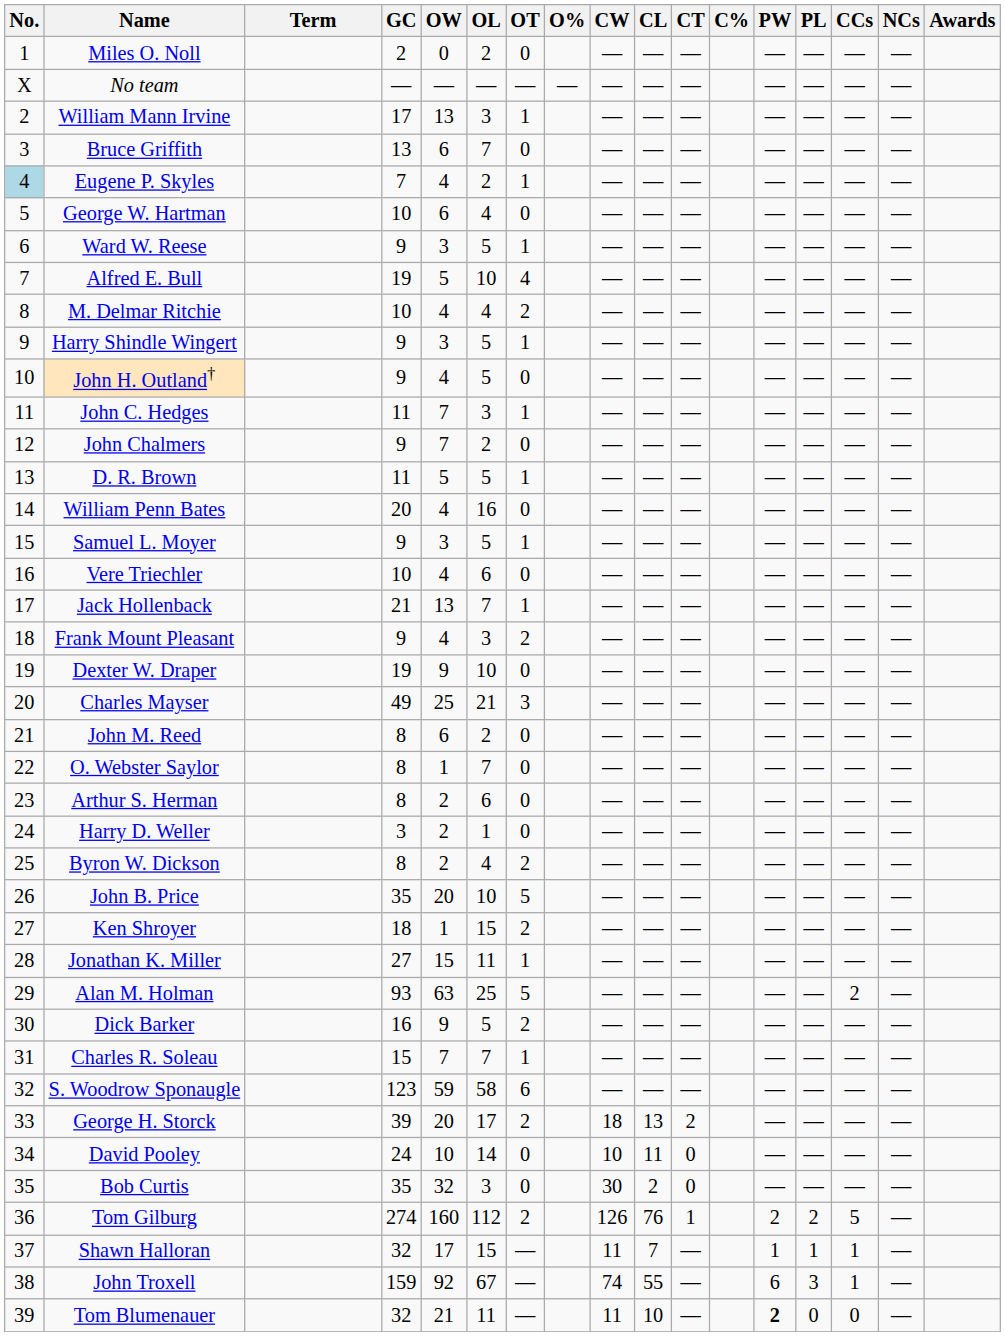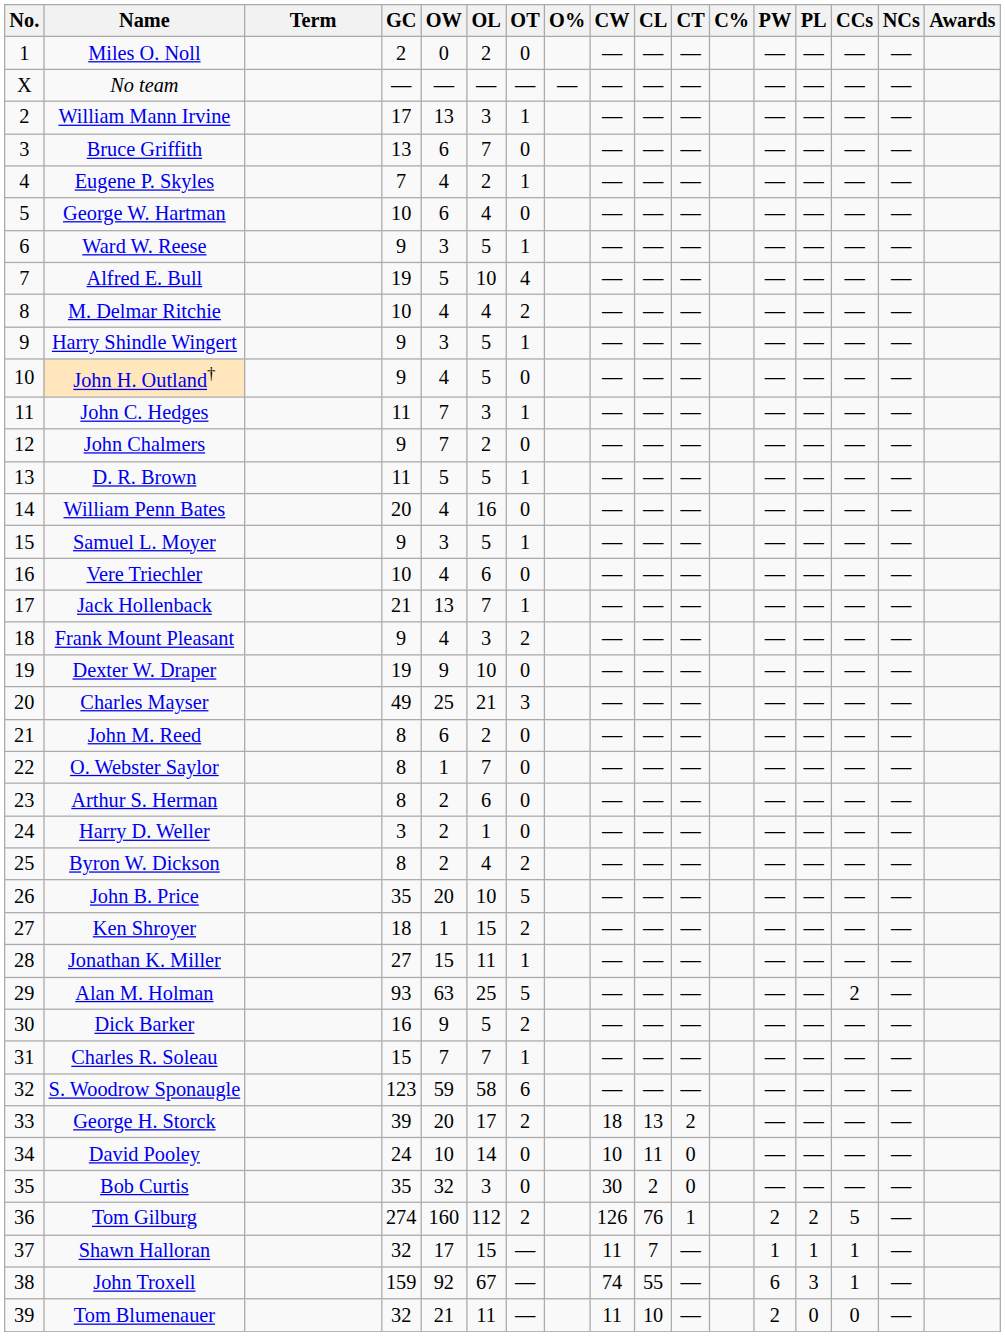 <table class="wikitable sortable" style="text-align:center">
 <tr>
 <th>No.</th>
 <th>Name</th>
 <th width="100" align="center">Term</th>
 <th>GC</th>
 <th>OW</th>
 <th>OL</th>
 <th>OT</th>
 <th>O%</th>
 <th>CW</th>
 <th>CL</th>
 <th>CT</th>
 <th>C%</th>
 <th>PW</th>
 <th>PL</th>
 <th>CCs</th>
 <th>NCs</th>
 <th class="unsortable">Awards</th>
 </tr>
 <tr>
 <td>1</td>
 <td><a href='#'>Miles O. Noll</a></td>
 <td></td>
 <td>2</td>
 <td>0</td>
 <td>2</td>
 <td>0</td>
 <td></td>
 <td>—</td>
 <td>—</td>
 <td>—</td>
 <td></td>
 <td>—</td>
 <td>—</td>
 <td>—</td>
 <td>—</td>
 <td></td>
 </tr>
 <tr>
 <td>X</td>
 <td><em>No team</em></td>
 <td></td>
 <td>—</td>
 <td>—</td>
 <td>—</td>
 <td>—</td>
 <td>—</td>
 <td>—</td>
 <td>—</td>
 <td>—</td>
 <td></td>
 <td>—</td>
 <td>—</td>
 <td>—</td>
 <td>—</td>
 <td></td>
 </tr>
 <tr>
 <td>2</td>
 <td><a href='#'>William Mann Irvine</a></td>
 <td></td>
 <td>17</td>
 <td>13</td>
 <td>3</td>
 <td>1</td>
 <td></td>
 <td>—</td>
 <td>—</td>
 <td>—</td>
 <td></td>
 <td>—</td>
 <td>—</td>
 <td>—</td>
 <td>—</td>
 <td></td>
 </tr>
 <tr |->
 <td>3</td>
 <td><a href='#'>Bruce Griffith</a></td>
 <td></td>
 <td>13</td>
 <td>6</td>
 <td>7</td>
 <td>0</td>
 <td></td>
 <td>—</td>
 <td>—</td>
 <td>—</td>
 <td></td>
 <td>—</td>
 <td>—</td>
 <td>—</td>
 <td>—</td>
 <td></td>
 </tr>
 <tr>
-<td style="background: lightblue;">4</td>
+<td>4</td>
 <td><a href='#'>Eugene P. Skyles</a></td>
 <td></td>
 <td>7</td>
 <td>4</td>
 <td>2</td>
 <td>1</td>
 <td></td>
 <td>—</td>
 <td>—</td>
 <td>—</td>
 <td></td>
 <td>—</td>
 <td>—</td>
 <td>—</td>
 <td>—</td>
 <td></td>
 </tr>
 <tr>
 <td>5</td>
 <td><a href='#'>George W. Hartman</a></td>
 <td></td>
 <td>10</td>
 <td>6</td>
 <td>4</td>
 <td>0</td>
 <td></td>
 <td>—</td>
 <td>—</td>
 <td>—</td>
 <td></td>
 <td>—</td>
 <td>—</td>
 <td>—</td>
 <td>—</td>
 <td></td>
 </tr>
 <tr>
 <td>6</td>
 <td><a href='#'>Ward W. Reese</a></td>
 <td></td>
 <td>9</td>
 <td>3</td>
 <td>5</td>
 <td>1</td>
 <td></td>
 <td>—</td>
 <td>—</td>
 <td>—</td>
 <td></td>
 <td>—</td>
 <td>—</td>
 <td>—</td>
 <td>—</td>
 <td></td>
 </tr>
 <tr>
 <td>7</td>
 <td><a href='#'>Alfred E. Bull</a></td>
 <td></td>
 <td>19</td>
 <td>5</td>
 <td>10</td>
 <td>4</td>
 <td></td>
 <td>—</td>
 <td>—</td>
 <td>—</td>
 <td></td>
 <td>—</td>
 <td>—</td>
 <td>—</td>
 <td>—</td>
 <td></td>
 </tr>
 <tr>
 <td>8</td>
 <td><a href='#'>M. Delmar Ritchie</a></td>
 <td></td>
 <td>10</td>
 <td>4</td>
 <td>4</td>
 <td>2</td>
 <td></td>
 <td>—</td>
 <td>—</td>
 <td>—</td>
 <td></td>
 <td>—</td>
 <td>—</td>
 <td>—</td>
 <td>—</td>
 <td></td>
 </tr>
 <tr>
 <td>9</td>
 <td><a href='#'>Harry Shindle Wingert</a></td>
 <td></td>
 <td>9</td>
 <td>3</td>
 <td>5</td>
 <td>1</td>
 <td></td>
 <td>—</td>
 <td>—</td>
 <td>—</td>
 <td></td>
 <td>—</td>
 <td>—</td>
 <td>—</td>
 <td>—</td>
 <td></td>
 </tr>
 <tr>
 <td>10</td>
 <td bgcolor=#FFE6BD><a href='#'>John H. Outland</a><sup>†</sup></td>
 <td></td>
 <td>9</td>
 <td>4</td>
 <td>5</td>
 <td>0</td>
 <td></td>
 <td>—</td>
 <td>—</td>
 <td>—</td>
 <td></td>
 <td>—</td>
 <td>—</td>
 <td>—</td>
 <td>—</td>
 <td></td>
 </tr>
 <tr>
 <td>11</td>
 <td><a href='#'>John C. Hedges</a></td>
 <td></td>
 <td>11</td>
 <td>7</td>
 <td>3</td>
 <td>1</td>
 <td></td>
 <td>—</td>
 <td>—</td>
 <td>—</td>
 <td></td>
 <td>—</td>
 <td>—</td>
 <td>—</td>
 <td>—</td>
 <td></td>
 </tr>
 <tr>
 <td>12</td>
 <td><a href='#'>John Chalmers</a></td>
 <td></td>
 <td>9</td>
 <td>7</td>
 <td>2</td>
 <td>0</td>
 <td></td>
 <td>—</td>
 <td>—</td>
 <td>—</td>
 <td></td>
 <td>—</td>
 <td>—</td>
 <td>—</td>
 <td>—</td>
 <td></td>
 </tr>
 <tr>
 <td>13</td>
 <td><a href='#'>D. R. Brown</a></td>
 <td></td>
 <td>11</td>
 <td>5</td>
 <td>5</td>
 <td>1</td>
 <td></td>
 <td>—</td>
 <td>—</td>
 <td>—</td>
 <td></td>
 <td>—</td>
 <td>—</td>
 <td>—</td>
 <td>—</td>
 <td></td>
 </tr>
 <tr>
 <td>14</td>
 <td><a href='#'>William Penn Bates</a></td>
 <td></td>
 <td>20</td>
 <td>4</td>
 <td>16</td>
 <td>0</td>
 <td></td>
 <td>—</td>
 <td>—</td>
 <td>—</td>
 <td></td>
 <td>—</td>
 <td>—</td>
 <td>—</td>
 <td>—</td>
 <td></td>
 </tr>
 <tr>
 <td>15</td>
 <td><a href='#'>Samuel L. Moyer</a></td>
 <td></td>
 <td>9</td>
 <td>3</td>
 <td>5</td>
 <td>1</td>
 <td></td>
 <td>—</td>
 <td>—</td>
 <td>—</td>
 <td></td>
 <td>—</td>
 <td>—</td>
 <td>—</td>
 <td>—</td>
 <td></td>
 </tr>
 <tr>
 <td>16</td>
 <td><a href='#'>Vere Triechler</a></td>
 <td></td>
 <td>10</td>
 <td>4</td>
 <td>6</td>
 <td>0</td>
 <td></td>
 <td>—</td>
 <td>—</td>
 <td>—</td>
 <td></td>
 <td>—</td>
 <td>—</td>
 <td>—</td>
 <td>—</td>
 <td></td>
 </tr>
 <tr>
 <td>17</td>
 <td><a href='#'>Jack Hollenback</a></td>
 <td></td>
 <td>21</td>
 <td>13</td>
 <td>7</td>
 <td>1</td>
 <td></td>
 <td>—</td>
 <td>—</td>
 <td>—</td>
 <td></td>
 <td>—</td>
 <td>—</td>
 <td>—</td>
 <td>—</td>
 <td></td>
 </tr>
 <tr>
 <td>18</td>
 <td><a href='#'>Frank Mount Pleasant</a></td>
 <td></td>
 <td>9</td>
 <td>4</td>
 <td>3</td>
 <td>2</td>
 <td></td>
 <td>—</td>
 <td>—</td>
 <td>—</td>
 <td></td>
 <td>—</td>
 <td>—</td>
 <td>—</td>
 <td>—</td>
 <td></td>
 </tr>
 <tr>
 <td>19</td>
 <td><a href='#'>Dexter W. Draper</a></td>
 <td></td>
 <td>19</td>
 <td>9</td>
 <td>10</td>
 <td>0</td>
 <td></td>
 <td>—</td>
 <td>—</td>
 <td>—</td>
 <td></td>
 <td>—</td>
 <td>—</td>
 <td>—</td>
 <td>—</td>
 <td></td>
 </tr>
 <tr>
 <td>20</td>
 <td><a href='#'>Charles Mayser</a></td>
 <td></td>
 <td>49</td>
 <td>25</td>
 <td>21</td>
 <td>3</td>
 <td></td>
 <td>—</td>
 <td>—</td>
 <td>—</td>
 <td></td>
 <td>—</td>
 <td>—</td>
 <td>—</td>
 <td>—</td>
 <td></td>
 </tr>
 <tr>
 <td>21</td>
 <td><a href='#'>John M. Reed</a></td>
 <td></td>
 <td>8</td>
 <td>6</td>
 <td>2</td>
 <td>0</td>
 <td></td>
 <td>—</td>
 <td>—</td>
 <td>—</td>
 <td></td>
 <td>—</td>
 <td>—</td>
 <td>—</td>
 <td>—</td>
 <td></td>
 </tr>
 <tr>
 <td>22</td>
 <td><a href='#'>O. Webster Saylor</a></td>
 <td></td>
 <td>8</td>
 <td>1</td>
 <td>7</td>
 <td>0</td>
 <td></td>
 <td>—</td>
 <td>—</td>
 <td>—</td>
 <td></td>
 <td>—</td>
 <td>—</td>
 <td>—</td>
 <td>—</td>
 <td></td>
 </tr>
 <tr>
 <td>23</td>
 <td><a href='#'>Arthur S. Herman</a></td>
 <td></td>
 <td>8</td>
 <td>2</td>
 <td>6</td>
 <td>0</td>
 <td></td>
 <td>—</td>
 <td>—</td>
 <td>—</td>
 <td></td>
 <td>—</td>
 <td>—</td>
 <td>—</td>
 <td>—</td>
 <td></td>
 </tr>
 <tr>
 <td>24</td>
 <td><a href='#'>Harry D. Weller</a></td>
 <td></td>
 <td>3</td>
 <td>2</td>
 <td>1</td>
 <td>0</td>
 <td></td>
 <td>—</td>
 <td>—</td>
 <td>—</td>
 <td></td>
 <td>—</td>
 <td>—</td>
 <td>—</td>
 <td>—</td>
 <td></td>
 </tr>
 <tr>
 <td>25</td>
 <td><a href='#'>Byron W. Dickson</a></td>
 <td></td>
 <td>8</td>
 <td>2</td>
 <td>4</td>
 <td>2</td>
 <td></td>
 <td>—</td>
 <td>—</td>
 <td>—</td>
 <td></td>
 <td>—</td>
 <td>—</td>
 <td>—</td>
 <td>—</td>
 <td></td>
 </tr>
 <tr>
 <td>26</td>
 <td><a href='#'>John B. Price</a></td>
 <td></td>
 <td>35</td>
 <td>20</td>
 <td>10</td>
 <td>5</td>
 <td></td>
 <td>—</td>
 <td>—</td>
 <td>—</td>
 <td></td>
 <td>—</td>
 <td>—</td>
 <td>—</td>
 <td>—</td>
 <td></td>
 </tr>
 <tr>
 <td>27</td>
 <td><a href='#'>Ken Shroyer</a></td>
 <td></td>
 <td>18</td>
 <td>1</td>
 <td>15</td>
 <td>2</td>
 <td></td>
 <td>—</td>
 <td>—</td>
 <td>—</td>
 <td></td>
 <td>—</td>
 <td>—</td>
 <td>—</td>
 <td>—</td>
 <td></td>
 </tr>
 <tr>
 <td>28</td>
 <td><a href='#'>Jonathan K. Miller</a></td>
 <td></td>
 <td>27</td>
 <td>15</td>
 <td>11</td>
 <td>1</td>
 <td></td>
 <td>—</td>
 <td>—</td>
 <td>—</td>
 <td></td>
 <td>—</td>
 <td>—</td>
 <td>—</td>
 <td>—</td>
 <td></td>
 </tr>
 <tr>
 <td>29</td>
 <td><a href='#'>Alan M. Holman</a></td>
 <td></td>
 <td>93</td>
 <td>63</td>
 <td>25</td>
 <td>5</td>
 <td></td>
 <td>—</td>
 <td>—</td>
 <td>—</td>
 <td></td>
 <td>—</td>
 <td>—</td>
 <td>2</td>
 <td>—</td>
 <td></td>
 </tr>
 <tr>
 <td>30</td>
 <td><a href='#'>Dick Barker</a></td>
 <td></td>
 <td>16</td>
 <td>9</td>
 <td>5</td>
 <td>2</td>
 <td></td>
 <td>—</td>
 <td>—</td>
 <td>—</td>
 <td></td>
 <td>—</td>
 <td>—</td>
 <td>—</td>
 <td>—</td>
 <td></td>
 </tr>
 <tr>
 <td>31</td>
 <td><a href='#'>Charles R. Soleau</a></td>
 <td></td>
 <td>15</td>
 <td>7</td>
 <td>7</td>
 <td>1</td>
 <td></td>
 <td>—</td>
 <td>—</td>
 <td>—</td>
 <td></td>
 <td>—</td>
 <td>—</td>
 <td>—</td>
 <td>—</td>
 <td></td>
 </tr>
 <tr>
 <td>32</td>
 <td><a href='#'>S. Woodrow Sponaugle</a></td>
 <td></td>
 <td>123</td>
 <td>59</td>
 <td>58</td>
 <td>6</td>
 <td></td>
 <td>—</td>
 <td>—</td>
 <td>—</td>
 <td></td>
 <td>—</td>
 <td>—</td>
 <td>—</td>
 <td>—</td>
 <td></td>
 </tr>
 <tr>
 <td>33</td>
 <td><a href='#'>George H. Storck</a></td>
 <td></td>
 <td>39</td>
 <td>20</td>
 <td>17</td>
 <td>2</td>
 <td></td>
 <td>18</td>
 <td>13</td>
 <td>2</td>
 <td></td>
 <td>—</td>
 <td>—</td>
 <td>—</td>
 <td>—</td>
 <td></td>
 </tr>
 <tr>
 <td>34</td>
 <td><a href='#'>David Pooley</a></td>
 <td></td>
 <td>24</td>
 <td>10</td>
 <td>14</td>
 <td>0</td>
 <td></td>
 <td>10</td>
 <td>11</td>
 <td>0</td>
 <td></td>
 <td>—</td>
 <td>—</td>
 <td>—</td>
 <td>—</td>
 <td></td>
 </tr>
 <tr>
 <td>35</td>
 <td><a href='#'>Bob Curtis</a></td>
 <td></td>
 <td>35</td>
 <td>32</td>
 <td>3</td>
 <td>0</td>
 <td></td>
 <td>30</td>
 <td>2</td>
 <td>0</td>
 <td></td>
 <td>—</td>
 <td>—</td>
 <td>—</td>
 <td>—</td>
 <td></td>
 </tr>
 <tr>
 <td>36</td>
 <td><a href='#'>Tom Gilburg</a></td>
 <td></td>
 <td>274</td>
 <td>160</td>
 <td>112</td>
 <td>2</td>
 <td></td>
 <td>126</td>
 <td>76</td>
 <td>1</td>
 <td></td>
 <td>2</td>
 <td>2</td>
 <td>5</td>
 <td>—</td>
 <td></td>
 </tr>
 <tr>
 <td>37</td>
 <td><a href='#'>Shawn Halloran</a></td>
 <td></td>
 <td>32</td>
 <td>17</td>
 <td>15</td>
 <td>—</td>
 <td></td>
 <td>11</td>
 <td>7</td>
 <td>—</td>
 <td></td>
 <td>1</td>
 <td>1</td>
 <td>1</td>
 <td>—</td>
 <td></td>
 </tr>
 <tr>
 <td>38</td>
 <td><a href='#'>John Troxell</a></td>
 <td></td>
 <td>159</td>
 <td>92</td>
 <td>67</td>
 <td>—</td>
 <td></td>
 <td>74</td>
 <td>55</td>
 <td>—</td>
 <td></td>
 <td>6</td>
 <td>3</td>
 <td>1</td>
 <td>—</td>
 <td></td>
 </tr>
 <tr>
 <td>39</td>
 <td><a href='#'>Tom Blumenauer</a></td>
 <td></td>
 <td>32</td>
 <td>21</td>
 <td>11</td>
 <td>—</td>
 <td></td>
 <td>11</td>
 <td>10</td>
 <td>—</td>
 <td></td>
-<td><strong>2</strong></td>
+<td>2</td>
 <td>0</td>
 <td>0</td>
 <td>—</td>
 <td></td>
 </tr>
 </table>
